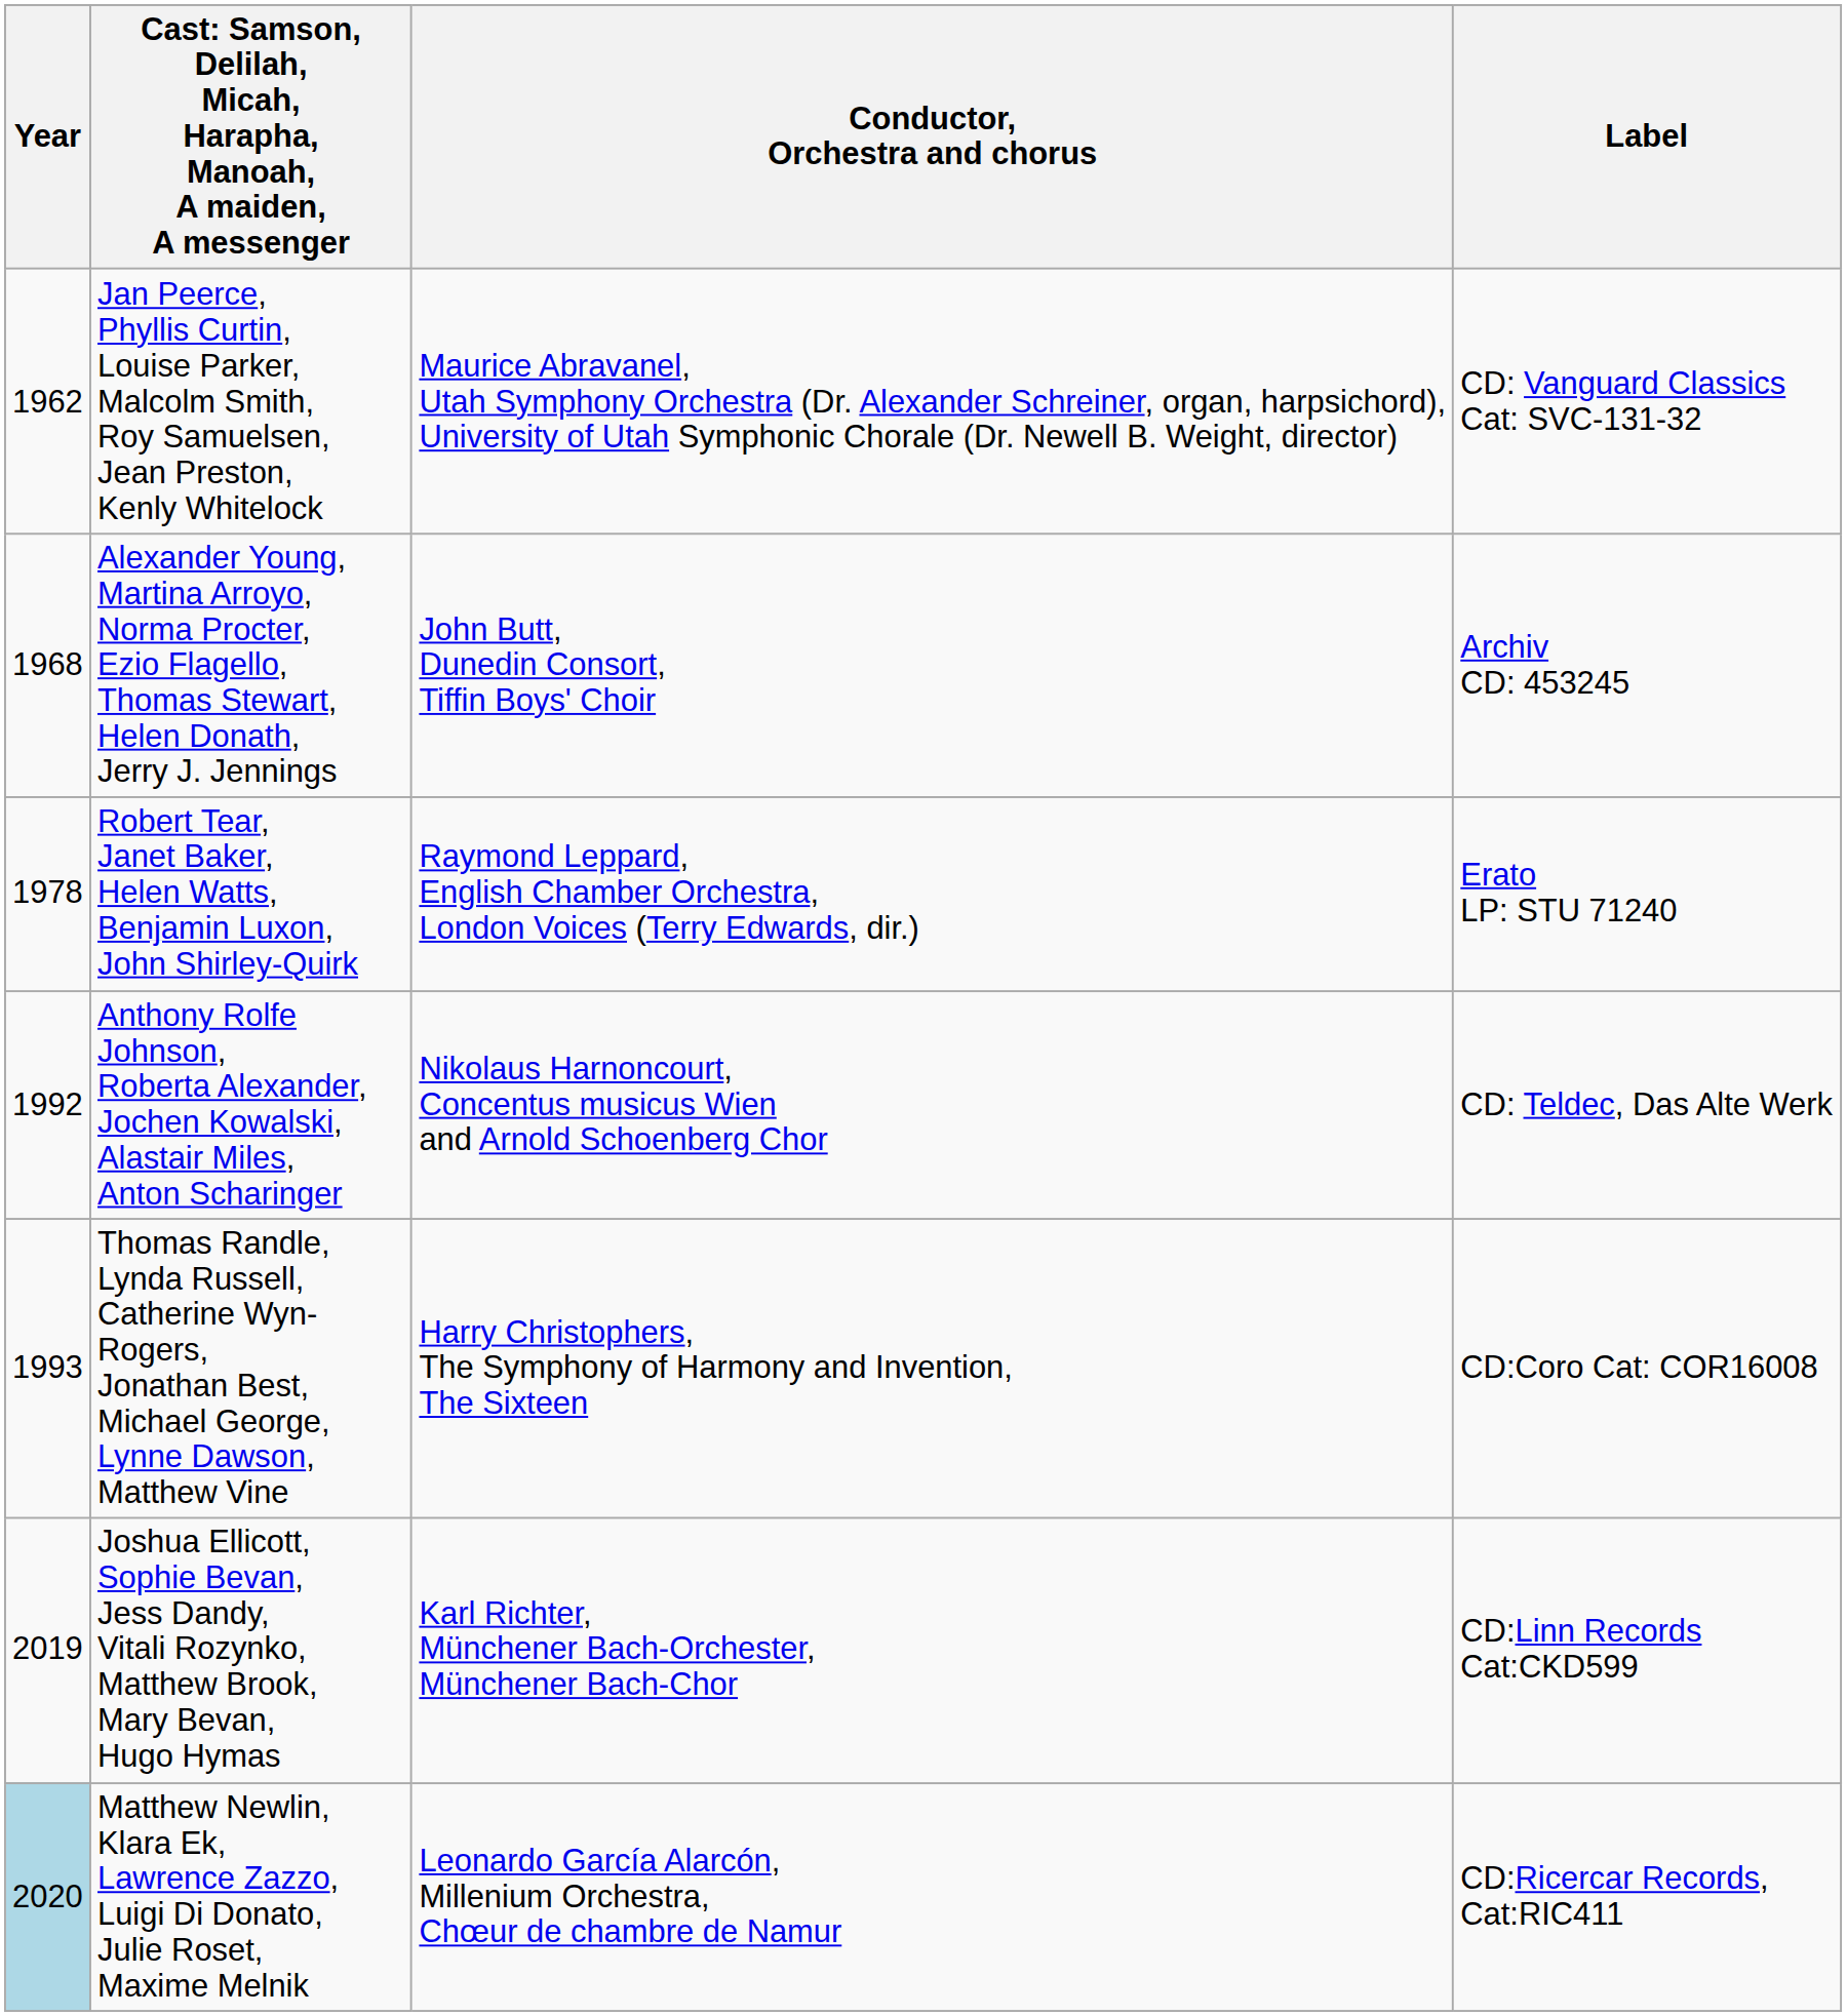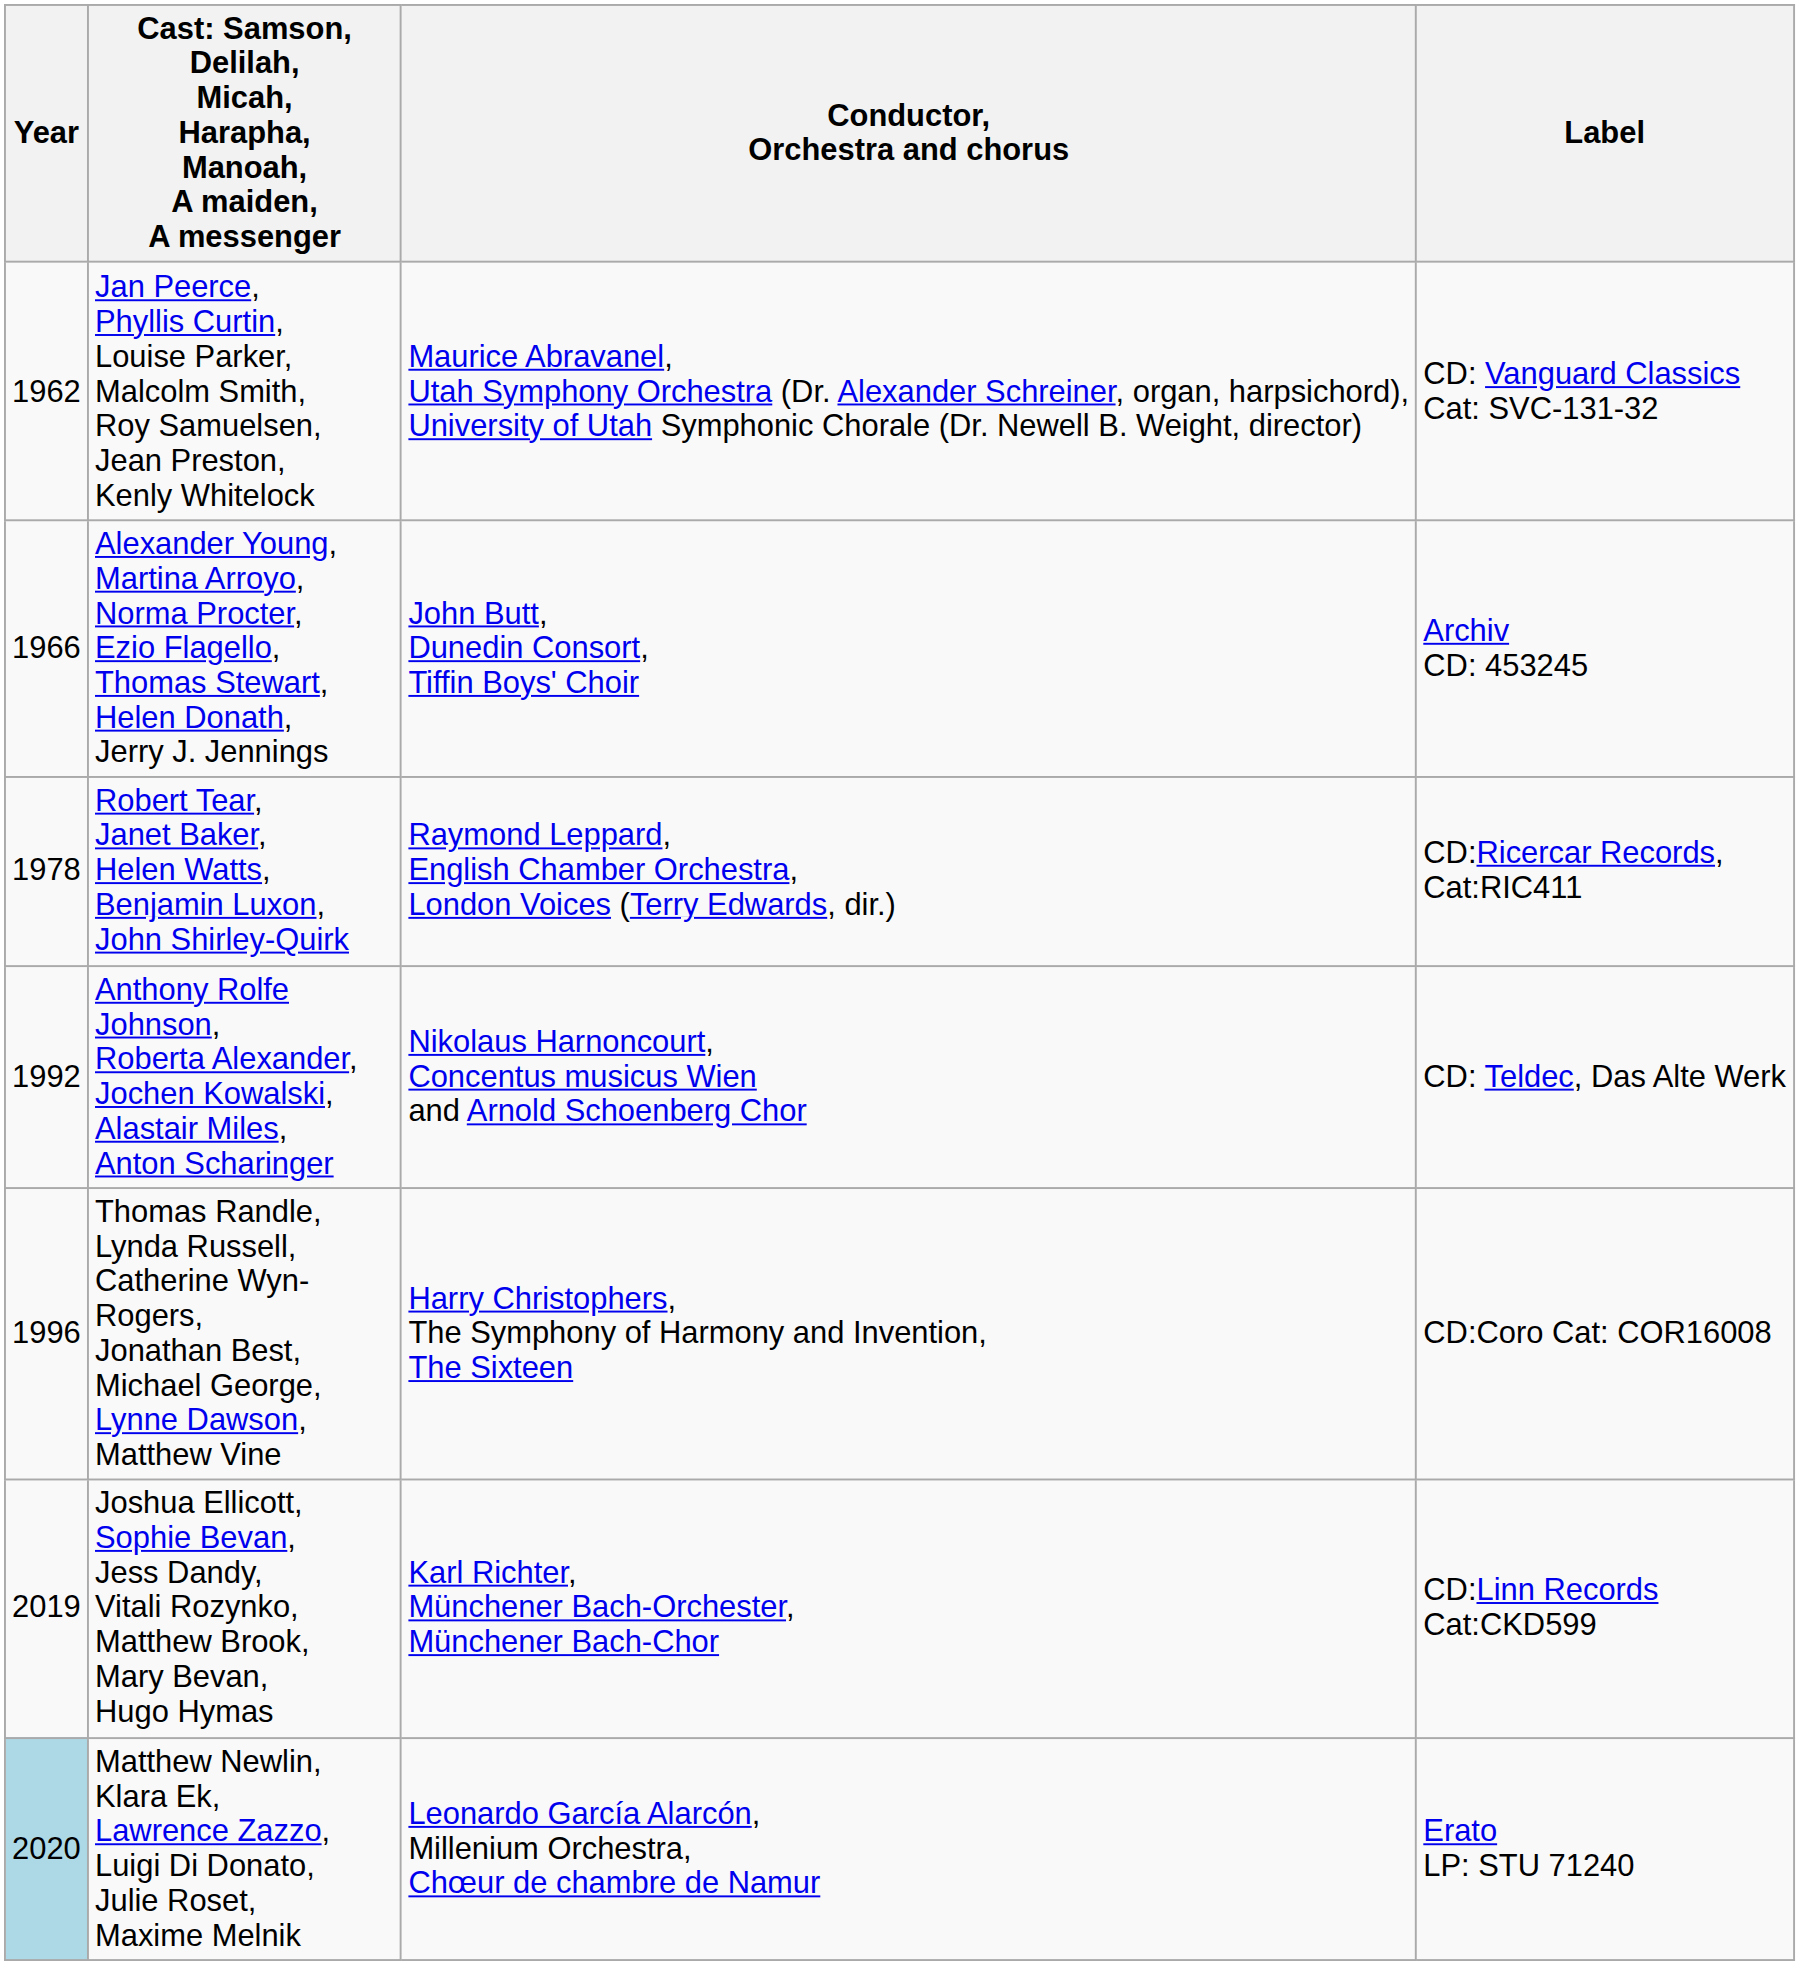 <table class="wikitable">
 <tr>
 <th>Year</th>
 <th width="155">Cast: Samson,<br>Delilah,<br>Micah,<br>Harapha,<br>Manoah,<br>A maiden,<br>A messenger</th>
 <th>Conductor,<br>Orchestra and chorus</th>
 <th>Label</th>
 </tr>
 <tr>
 <td>1962</td>
 <td><a href='#'>Jan Peerce</a>,<br><a href='#'>Phyllis Curtin</a>,<br>Louise Parker,<br>Malcolm Smith,<br>Roy Samuelsen,<br>Jean Preston,<br>Kenly Whitelock</td>
 <td><a href='#'>Maurice Abravanel</a>,<br><a href='#'>Utah Symphony Orchestra</a> (Dr. <a href='#'>Alexander Schreiner</a>, organ, harpsichord),<br> <a href='#'>University of Utah</a> Symphonic Chorale (Dr. Newell B. Weight, director)</td>
 <td>CD: <a href='#'>Vanguard Classics</a><br>Cat: SVC-131-32</td>
 </tr>
 <tr>
-<td>1968</td>
+<td>1966</td>
 <td><a href='#'>Alexander Young</a>,<br><a href='#'>Martina Arroyo</a>, <br><a href='#'>Norma Procter</a>, <br><a href='#'>Ezio Flagello</a>,<br><a href='#'>Thomas Stewart</a>,<br><a href='#'>Helen Donath</a>,<br>Jerry J. Jennings</td>
 <td><a href='#'>John Butt</a>,<br><a href='#'>Dunedin Consort</a>,<br><a href='#'>Tiffin Boys' Choir</a></td>
 <td><a href='#'>Archiv</a><br> CD: 453245</td>
 </tr>
 <tr>
 <td>1978</td>
 <td><a href='#'>Robert Tear</a>,<br><a href='#'>Janet Baker</a>, <br><a href='#'>Helen Watts</a>, <br><a href='#'>Benjamin Luxon</a>,<br><a href='#'>John Shirley-Quirk</a></td>
 <td><a href='#'>Raymond Leppard</a>,<br><a href='#'>English Chamber Orchestra</a>,<br> <a href='#'>London Voices</a> (<a href='#'>Terry Edwards</a>, dir.)</td>
-<td><a href='#'>Erato</a><br> LP: STU 71240</td>
+<td>CD:<a href='#'>Ricercar Records</a>,<br> Cat:RIC411</td>
 </tr>
 <tr>
 <td>1992</td>
 <td><a href='#'>Anthony Rolfe Johnson</a>,<br><a href='#'>Roberta Alexander</a>,<br><a href='#'>Jochen Kowalski</a>,<br><a href='#'>Alastair Miles</a>,<br><a href='#'>Anton Scharinger</a></td>
 <td><a href='#'>Nikolaus Harnoncourt</a>,<br><a href='#'>Concentus musicus Wien</a><br> and <a href='#'>Arnold Schoenberg Chor</a></td>
 <td>CD: <a href='#'>Teldec</a>, Das Alte Werk</td>
 </tr>
 <tr>
-<td>1993</td>
+<td>1996</td>
 <td>Thomas Randle,<br>Lynda Russell,<br>Catherine Wyn-Rogers,<br>Jonathan Best,<br>Michael George,<br><a href='#'>Lynne Dawson</a>,<br> Matthew Vine</td>
 <td><a href='#'>Harry Christophers</a>,<br>The Symphony of Harmony and Invention,<br><a href='#'>The Sixteen</a></td>
 <td>CD:Coro Cat: COR16008</td>
 </tr>
 <tr>
 <td>2019</td>
 <td>Joshua Ellicott,<br><a href='#'>Sophie Bevan</a>,<br>Jess Dandy,<br>Vitali Rozynko,<br>Matthew Brook,<br>Mary Bevan,<br>Hugo Hymas</td>
 <td><a href='#'>Karl Richter</a>,<br><a href='#'>Münchener Bach-Orchester</a>,<br> <a href='#'>Münchener Bach-Chor</a></td>
 <td>CD:<a href='#'>Linn Records</a><br> Cat:CKD599</td>
 </tr>
 <tr>
 <td style="background: lightblue;">2020</td>
 <td>Matthew Newlin,<br>Klara Ek,<br><a href='#'>Lawrence Zazzo</a>,<br>Luigi Di Donato,<br>Julie Roset,<br>Maxime Melnik</td>
 <td><a href='#'>Leonardo García Alarcón</a>,<br> Millenium Orchestra,<br><a href='#'>Chœur de chambre de Namur</a></td>
-<td>CD:<a href='#'>Ricercar Records</a>,<br> Cat:RIC411</td>
+<td><a href='#'>Erato</a><br> LP: STU 71240</td>
 </tr>
 </table>
